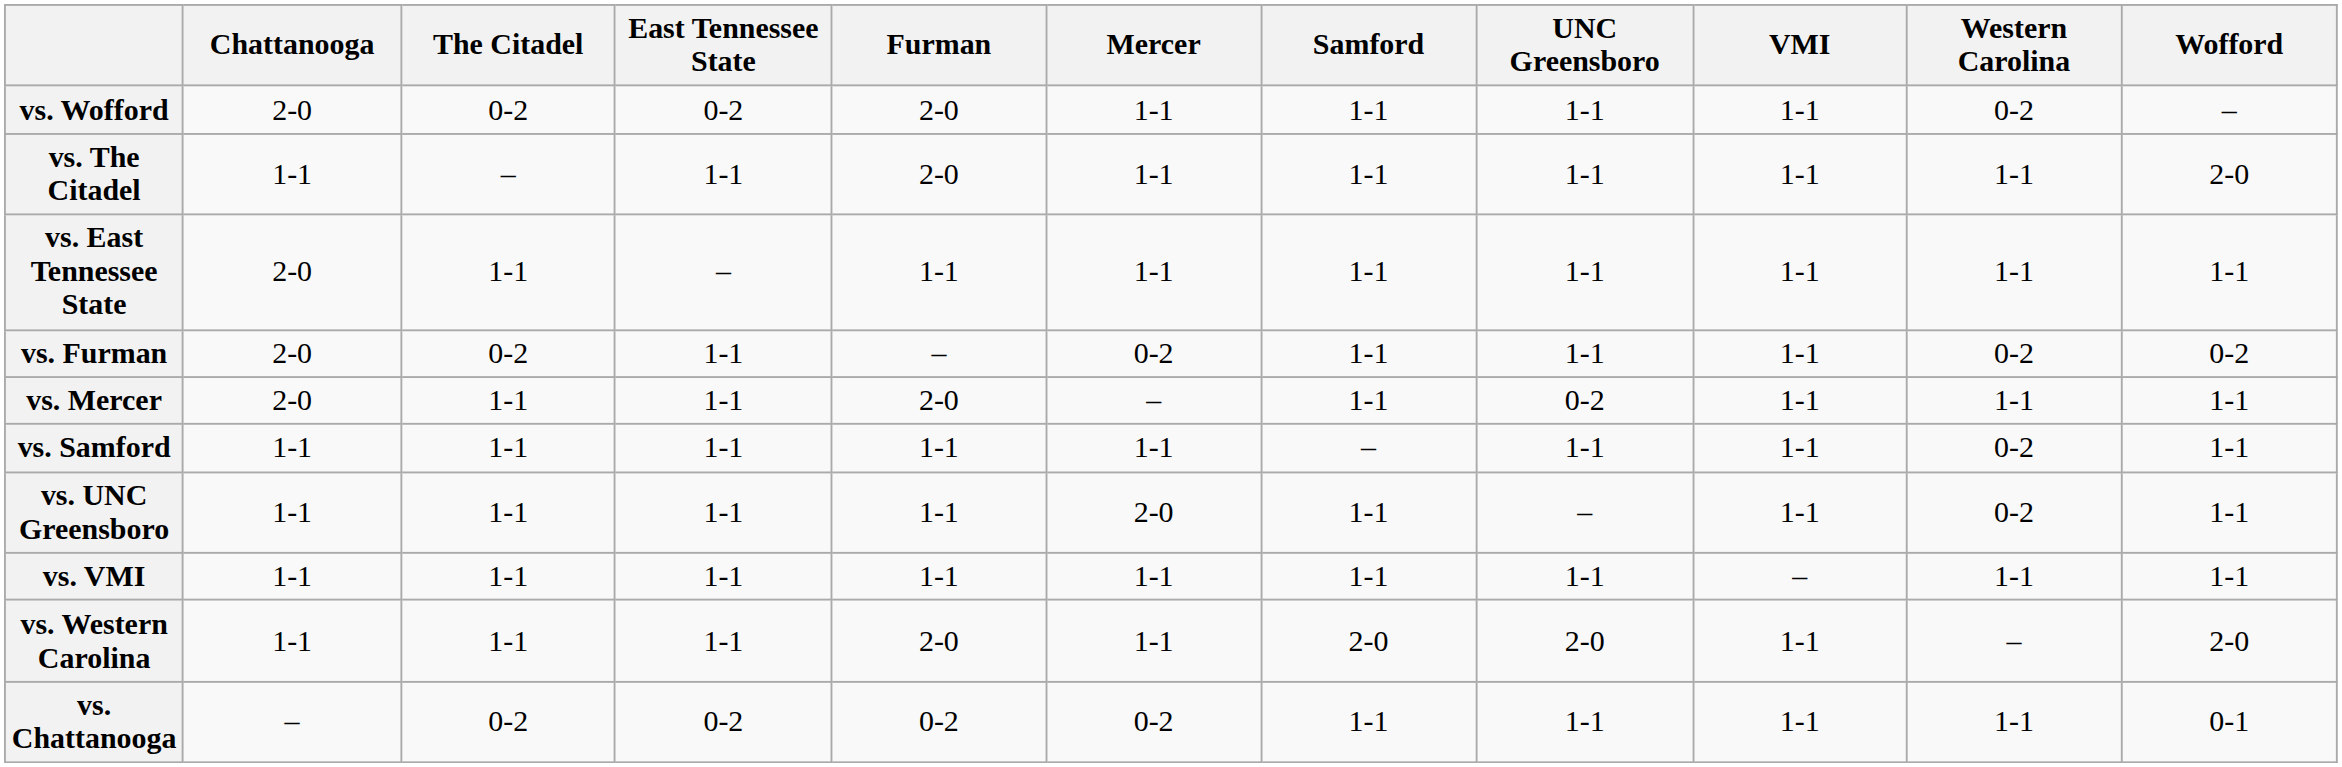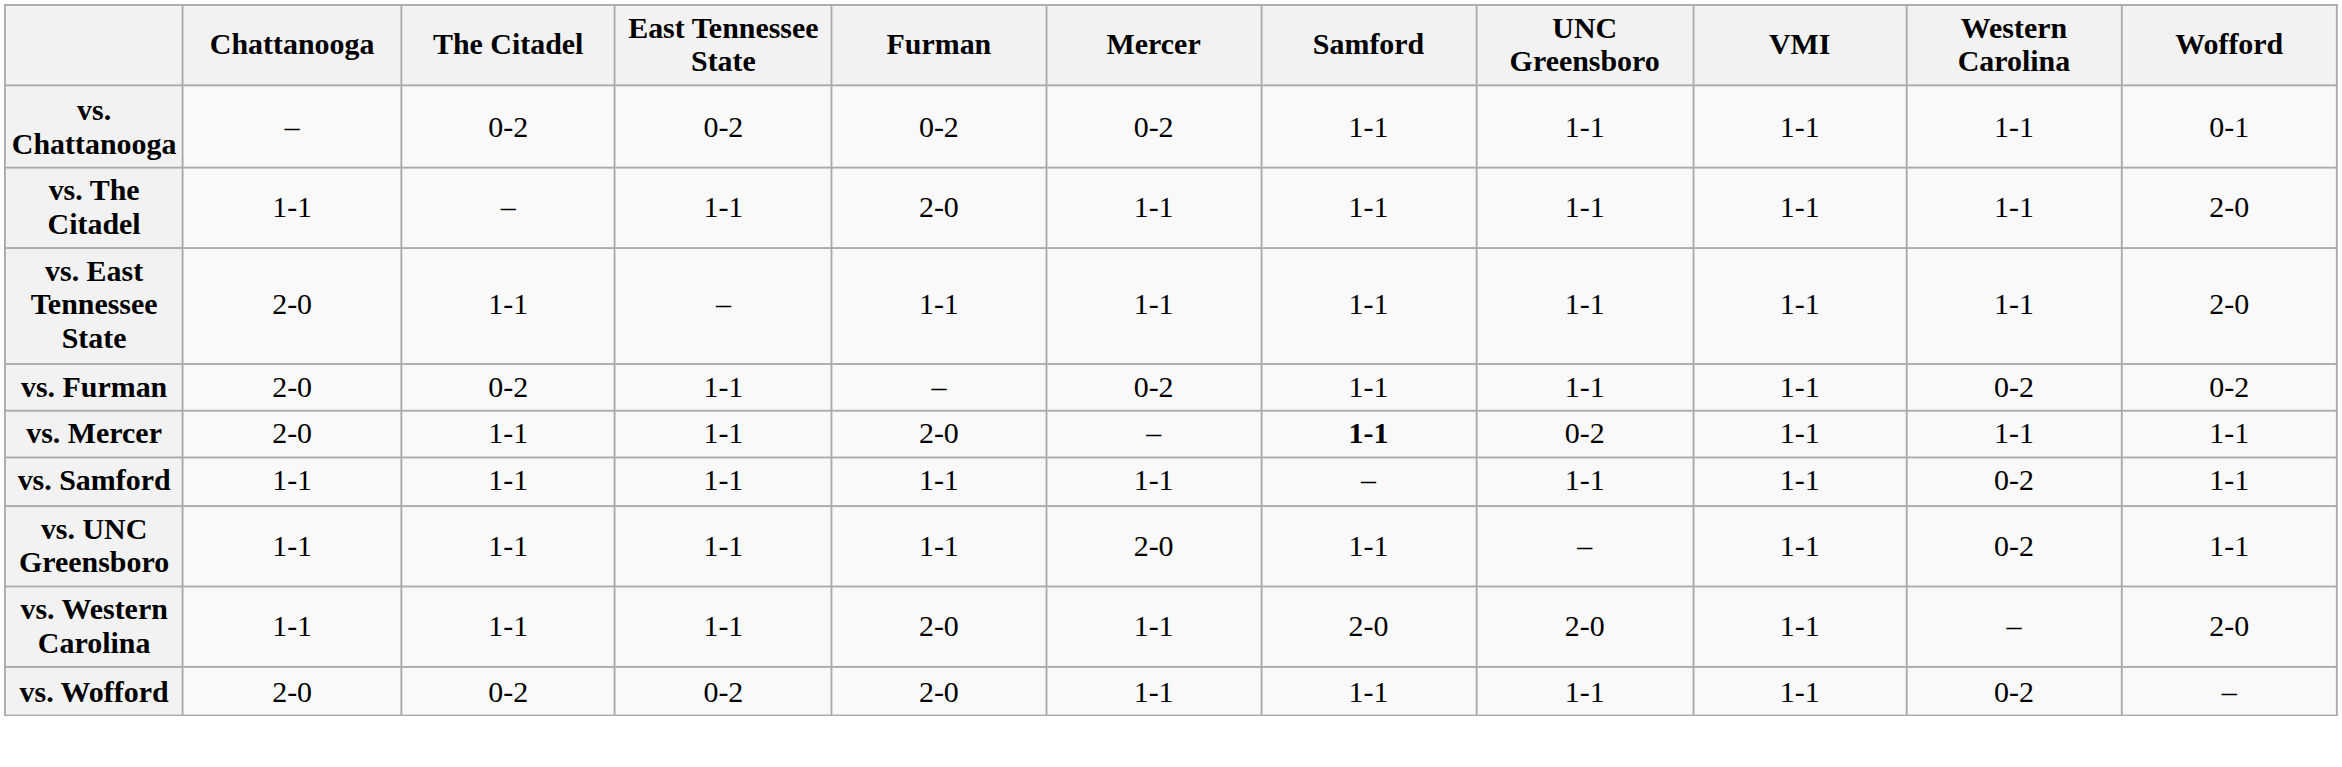 <table class="wikitable" style="text-align:center">
 <tr>
 <th colspan="1"></th>
 <th width="110" !>Chattanooga</th>
 <th width="110">The Citadel</th>
 <th width="110">East Tennessee State</th>
 <th width="110">Furman</th>
 <th width="110">Mercer</th>
 <th width="110">Samford</th>
 <th width="110">UNC Greensboro</th>
 <th width="110">VMI</th>
 <th width="110">Western Carolina</th>
 <th width="110">Wofford</th>
 </tr>
 <tr>
-<th>vs. Wofford</th>
-<td>2-0</td>
+<th>vs. Chattanooga</th>
+<td>–</td>
 <td>0-2</td>
 <td>0-2</td>
-<td>2-0</td>
+<td>0-2</td>
+<td>0-2</td>
 <td>1-1</td>
 <td>1-1</td>
 <td>1-1</td>
 <td>1-1</td>
-<td>0-2</td>
-<td>–</td>
+<td>0-1</td>
 </tr>
 <tr>
 <th>vs. The Citadel</th>
 <td>1-1</td>
 <td>–</td>
 <td>1-1</td>
 <td>2-0</td>
 <td>1-1</td>
 <td>1-1</td>
 <td>1-1</td>
 <td>1-1</td>
 <td>1-1</td>
 <td>2-0</td>
 </tr>
 <tr>
 <th>vs. East Tennessee State</th>
 <td>2-0</td>
 <td>1-1</td>
 <td>–</td>
 <td>1-1</td>
 <td>1-1</td>
 <td>1-1</td>
 <td>1-1</td>
 <td>1-1</td>
 <td>1-1</td>
-<td>1-1</td>
+<td>2-0</td>
 </tr>
 <tr>
 <th>vs. Furman</th>
 <td>2-0</td>
 <td>0-2</td>
 <td>1-1</td>
 <td>–</td>
 <td>0-2</td>
 <td>1-1</td>
 <td>1-1</td>
 <td>1-1</td>
 <td>0-2</td>
 <td>0-2</td>
 </tr>
 <tr>
 <th>vs. Mercer</th>
 <td>2-0</td>
 <td>1-1</td>
 <td>1-1</td>
 <td>2-0</td>
 <td>–</td>
-<td>1-1</td>
+<td><strong>1-1</strong></td>
 <td>0-2</td>
 <td>1-1</td>
 <td>1-1</td>
 <td>1-1</td>
 </tr>
 <tr>
 <th>vs. Samford</th>
 <td>1-1</td>
 <td>1-1</td>
 <td>1-1</td>
 <td>1-1</td>
 <td>1-1</td>
 <td>–</td>
 <td>1-1</td>
 <td>1-1</td>
 <td>0-2</td>
 <td>1-1</td>
 </tr>
 <tr>
 <th>vs. UNC Greensboro</th>
 <td>1-1</td>
 <td>1-1</td>
 <td>1-1</td>
 <td>1-1</td>
 <td>2-0</td>
 <td>1-1</td>
 <td>–</td>
 <td>1-1</td>
 <td>0-2</td>
 <td>1-1</td>
 </tr>
 <tr>
-<th>vs. VMI</th>
-<td>1-1</td>
-<td>1-1</td>
-<td>1-1</td>
-<td>1-1</td>
-<td>1-1</td>
-<td>1-1</td>
-<td>1-1</td>
-<td>–</td>
-<td>1-1</td>
-<td>1-1</td>
-</tr>
-<tr>
 <th>vs. Western Carolina</th>
 <td>1-1</td>
 <td>1-1</td>
 <td>1-1</td>
 <td>2-0</td>
 <td>1-1</td>
 <td>2-0</td>
 <td>2-0</td>
 <td>1-1</td>
 <td>–</td>
 <td>2-0</td>
 </tr>
 <tr>
-<th>vs. Chattanooga</th>
-<td>–</td>
+<th>vs. Wofford</th>
+<td>2-0</td>
 <td>0-2</td>
 <td>0-2</td>
-<td>0-2</td>
-<td>0-2</td>
+<td>2-0</td>
 <td>1-1</td>
 <td>1-1</td>
 <td>1-1</td>
 <td>1-1</td>
-<td>0-1</td>
+<td>0-2</td>
+<td>–</td>
 </tr>
 </table>
